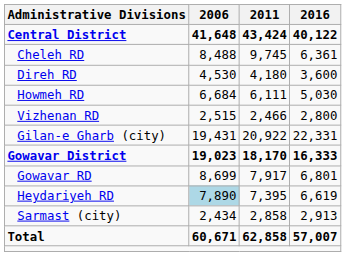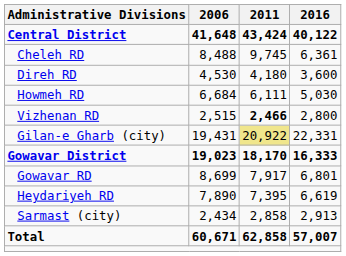 <table class="wikitable">
 <tr>
 <th>Administrative Divisions</th>
 <th>2006</th>
 <th>2011</th>
 <th>2016</th>
 </tr>
 <tr>
 <td><strong><a href='#'>Central District</a></strong></td>
 <td style="text-align: right;"><strong>41,648</strong></td>
 <td style="text-align: right;"><strong>43,424</strong></td>
 <td style="text-align: right;"><strong>40,122</strong></td>
 </tr>
 <tr>
 <td style="padding-left: 1em;"><a href='#'>Cheleh RD</a></td>
 <td style="text-align: right;">8,488</td>
 <td style="text-align: right;">9,745</td>
 <td style="text-align: right;">6,361</td>
 </tr>
 <tr>
 <td style="padding-left: 1em;"><a href='#'>Direh RD</a></td>
 <td style="text-align: right;">4,530</td>
 <td style="text-align: right;">4,180</td>
 <td style="text-align: right;">3,600</td>
 </tr>
 <tr>
 <td style="padding-left: 1em;"><a href='#'>Howmeh RD</a></td>
 <td style="text-align: right;">6,684</td>
 <td style="text-align: right;">6,111</td>
 <td style="text-align: right;">5,030</td>
 </tr>
 <tr>
 <td style="padding-left: 1em;"><a href='#'>Vizhenan RD</a></td>
 <td style="text-align: right;">2,515</td>
-<td style="text-align: right;">2,466</td>
+<td style="text-align: right;"><strong>2,466</strong></td>
 <td style="text-align: right;">2,800</td>
 </tr>
 <tr>
 <td style="padding-left: 1em;"><a href='#'>Gilan-e Gharb</a> (city)</td>
 <td style="text-align: right;">19,431</td>
-<td style="text-align: right;">20,922</td>
+<td style="background: khaki; text-align: right;">20,922</td>
 <td style="text-align: right;">22,331</td>
 </tr>
 <tr>
 <td><strong><a href='#'>Gowavar District</a></strong></td>
 <td style="text-align: right;"><strong>19,023</strong></td>
 <td style="text-align: right;"><strong>18,170</strong></td>
 <td style="text-align: right;"><strong>16,333</strong></td>
 </tr>
 <tr>
 <td style="padding-left: 1em;"><a href='#'>Gowavar RD</a></td>
 <td style="text-align: right;">8,699</td>
 <td style="text-align: right;">7,917</td>
 <td style="text-align: right;">6,801</td>
 </tr>
 <tr>
 <td style="padding-left: 1em;"><a href='#'>Heydariyeh RD</a></td>
-<td style="background: lightblue; text-align: right;">7,890</td>
+<td style="text-align: right;">7,890</td>
 <td style="text-align: right;">7,395</td>
 <td style="text-align: right;">6,619</td>
 </tr>
 <tr>
 <td style="padding-left: 1em;"><a href='#'>Sarmast</a> (city)</td>
 <td style="text-align: right;">2,434</td>
 <td style="text-align: right;">2,858</td>
 <td style="text-align: right;">2,913</td>
 </tr>
 <tr>
 <td><strong>Total</strong></td>
 <td style="text-align: right;"><strong>60,671</strong></td>
 <td style="text-align: right;"><strong>62,858</strong></td>
 <td style="text-align: right;"><strong>57,007</strong></td>
 </tr>
 <tr>
 <td colspan=4></td>
 </tr>
 </table>
